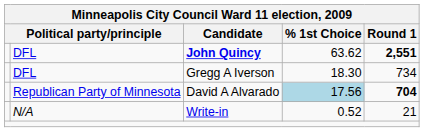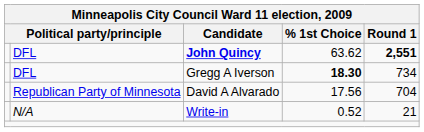 <table class="wikitable" style="font-size:95%">
 <tr>
 <th colspan="5">Minneapolis City Council Ward 11 election, 2009</th>
 </tr>
 <tr>
 <th colspan="2">Political party/principle</th>
 <th>Candidate</th>
 <th>% 1st Choice</th>
 <th>Round 1</th>
 </tr>
 <tr>
 <td style="background-color:"></td>
 <td><a href='#'>DFL</a></td>
 <td><strong><a href='#'>John Quincy</a></strong></td>
 <td align="right">63.62</td>
 <td align="right"><strong>2,551</strong></td>
 </tr>
 <tr>
 <td style="background-color:"></td>
 <td><a href='#'>DFL</a></td>
 <td>Gregg A Iverson</td>
-<td align="right">18.30</td>
+<td align="right"><strong>18.30</strong></td>
 <td align="right">734</td>
 </tr>
 <tr>
 <td style="background-color:"></td>
 <td><a href='#'>Republican Party of Minnesota</a></td>
 <td>David A Alvarado</td>
-<td align="right" style="background: lightblue;">17.56</td>
-<td align="right"><strong>704</strong></td>
+<td align="right">17.56</td>
+<td align="right">704</td>
 </tr>
 <tr>
 <td style="background-color:"></td>
 <td><em>N/A</em></td>
 <td><a href='#'>Write-in</a></td>
 <td align="right">0.52</td>
 <td align="right">21</td>
 </tr>
 <tr>
 <td colspan="5"></td>
 </tr>
 </table>
